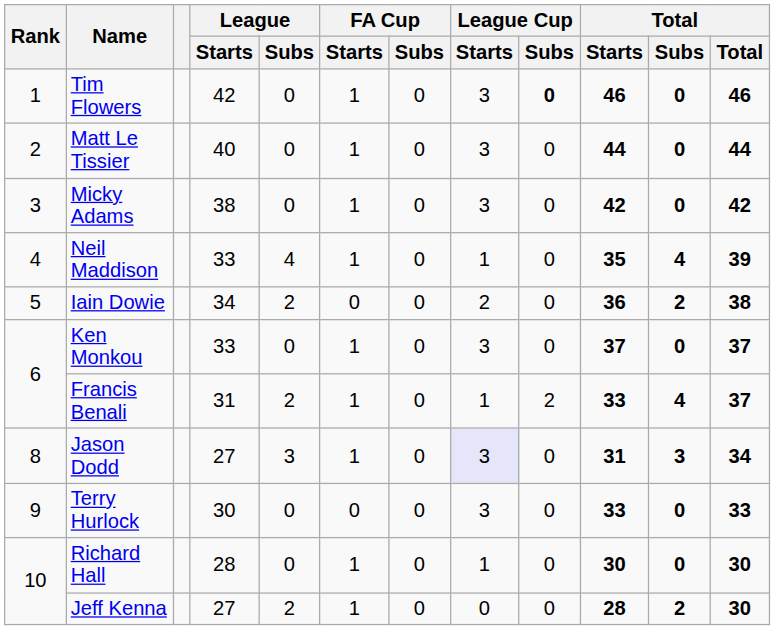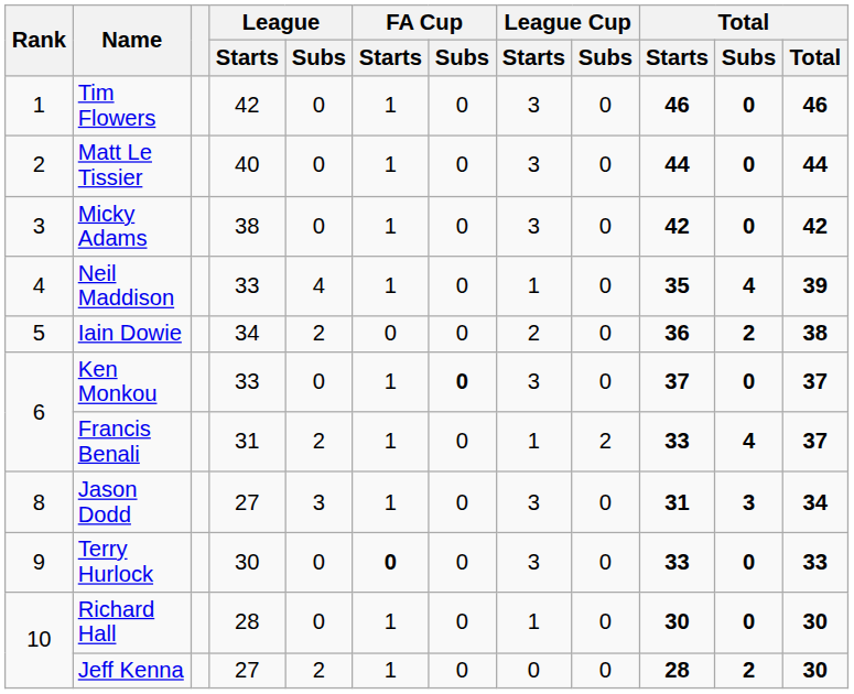 <table class="wikitable plainrowheaders" style="text-align:center;">
 <tr>
 <th scope="col" rowspan="2" style="width:4em;">Rank</th>
 <th scope="col" rowspan="2" style="width:10em;">Name</th>
 <th scope="col" rowspan="2" style="width:4em;"></th>
 <th scope="col" colspan="2">League</th>
 <th scope="col" colspan="2">FA Cup</th>
 <th scope="col" colspan="2">League Cup</th>
 <th scope="col" colspan="3">Total</th>
 </tr>
 <tr>
 <th scope="col" style="width:4em;">Starts</th>
 <th scope="col" style="width:4em;">Subs</th>
 <th scope="col" style="width:4em;">Starts</th>
 <th scope="col" style="width:4em;">Subs</th>
 <th scope="col" style="width:4em;">Starts</th>
 <th scope="col" style="width:4em;">Subs</th>
 <th scope="col" style="width:4em;">Starts</th>
 <th scope="col" style="width:4em;">Subs</th>
 <th scope="col" style="width:4em;">Total</th>
 </tr>
 <tr>
 <td>1</td>
 <td align="left"><a href='#'>Tim Flowers</a></td>
 <td></td>
 <td>42</td>
 <td>0</td>
 <td>1</td>
 <td>0</td>
 <td>3</td>
-<td><strong>0</strong></td>
+<td>0</td>
 <td><strong>46</strong></td>
 <td><strong>0</strong></td>
 <td><strong>46</strong></td>
 </tr>
 <tr>
 <td>2</td>
 <td align="left"><a href='#'>Matt Le Tissier</a></td>
 <td></td>
 <td>40</td>
 <td>0</td>
 <td>1</td>
 <td>0</td>
 <td>3</td>
 <td>0</td>
 <td><strong>44</strong></td>
 <td><strong>0</strong></td>
 <td><strong>44</strong></td>
 </tr>
 <tr>
 <td>3</td>
 <td align="left"><a href='#'>Micky Adams</a></td>
 <td></td>
 <td>38</td>
 <td>0</td>
 <td>1</td>
 <td>0</td>
 <td>3</td>
 <td>0</td>
 <td><strong>42</strong></td>
 <td><strong>0</strong></td>
 <td><strong>42</strong></td>
 </tr>
 <tr>
 <td>4</td>
 <td align="left"><a href='#'>Neil Maddison</a></td>
 <td></td>
 <td>33</td>
 <td>4</td>
 <td>1</td>
 <td>0</td>
 <td>1</td>
 <td>0</td>
 <td><strong>35</strong></td>
 <td><strong>4</strong></td>
 <td><strong>39</strong></td>
 </tr>
 <tr>
 <td>5</td>
 <td align="left"><a href='#'>Iain Dowie</a></td>
 <td></td>
 <td>34</td>
 <td>2</td>
 <td>0</td>
 <td>0</td>
 <td>2</td>
 <td>0</td>
 <td><strong>36</strong></td>
 <td><strong>2</strong></td>
 <td><strong>38</strong></td>
 </tr>
 <tr>
 <td rowspan="2">6</td>
 <td align="left"><a href='#'>Ken Monkou</a></td>
 <td></td>
 <td>33</td>
 <td>0</td>
 <td>1</td>
-<td>0</td>
+<td><strong>0</strong></td>
 <td>3</td>
 <td>0</td>
 <td><strong>37</strong></td>
 <td><strong>0</strong></td>
 <td><strong>37</strong></td>
 </tr>
 <tr>
 <td align="left"><a href='#'>Francis Benali</a></td>
 <td></td>
 <td>31</td>
 <td>2</td>
 <td>1</td>
 <td>0</td>
 <td>1</td>
 <td>2</td>
 <td><strong>33</strong></td>
 <td><strong>4</strong></td>
 <td><strong>37</strong></td>
 </tr>
 <tr>
 <td>8</td>
 <td align="left"><a href='#'>Jason Dodd</a></td>
 <td></td>
 <td>27</td>
 <td>3</td>
 <td>1</td>
 <td>0</td>
-<td style="background: lavender;">3</td>
+<td>3</td>
 <td>0</td>
 <td><strong>31</strong></td>
 <td><strong>3</strong></td>
 <td><strong>34</strong></td>
 </tr>
 <tr>
 <td>9</td>
 <td align="left"><a href='#'>Terry Hurlock</a></td>
 <td></td>
 <td>30</td>
 <td>0</td>
-<td>0</td>
+<td><strong>0</strong></td>
 <td>0</td>
 <td>3</td>
 <td>0</td>
 <td><strong>33</strong></td>
 <td><strong>0</strong></td>
 <td><strong>33</strong></td>
 </tr>
 <tr>
 <td rowspan="2">10</td>
 <td align="left"><a href='#'>Richard Hall</a></td>
 <td></td>
 <td>28</td>
 <td>0</td>
 <td>1</td>
 <td>0</td>
 <td>1</td>
 <td>0</td>
 <td><strong>30</strong></td>
 <td><strong>0</strong></td>
 <td><strong>30</strong></td>
 </tr>
 <tr>
 <td align="left"><a href='#'>Jeff Kenna</a></td>
 <td></td>
 <td>27</td>
 <td>2</td>
 <td>1</td>
 <td>0</td>
 <td>0</td>
 <td>0</td>
 <td><strong>28</strong></td>
 <td><strong>2</strong></td>
 <td><strong>30</strong></td>
 </tr>
 </table>
